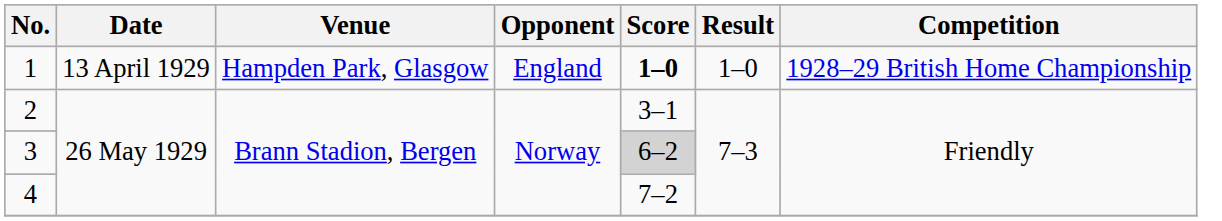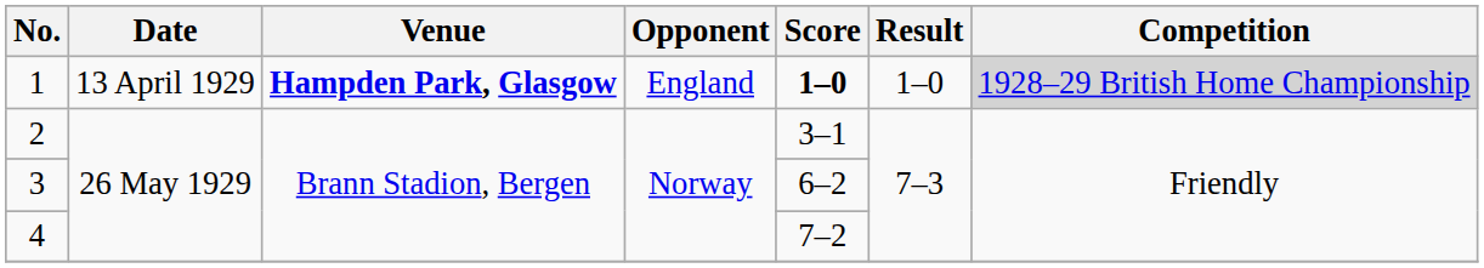 <table class="wikitable sortable" style="text-align:center">
 <tr>
 <th>No.</th>
 <th>Date</th>
 <th>Venue</th>
 <th>Opponent</th>
 <th>Score</th>
 <th>Result</th>
 <th>Competition</th>
 </tr>
 <tr>
 <td>1</td>
 <td>13 April 1929</td>
-<td><a href='#'>Hampden Park</a>, <a href='#'>Glasgow</a></td>
+<td><strong><a href='#'>Hampden Park</a>, <a href='#'>Glasgow</a></strong></td>
 <td><a href='#'>England</a></td>
 <td><strong>1–0</strong></td>
 <td>1–0</td>
-<td><a href='#'>1928–29 British Home Championship</a></td>
+<td style="background: lightgrey;"><a href='#'>1928–29 British Home Championship</a></td>
 </tr>
 <tr>
 <td>2</td>
 <td rowspan="3">26 May 1929</td>
 <td rowspan="3"><a href='#'>Brann Stadion</a>, <a href='#'>Bergen</a></td>
 <td rowspan="3"><a href='#'>Norway</a></td>
 <td>3–1</td>
 <td rowspan="3">7–3</td>
 <td rowspan="3">Friendly</td>
 </tr>
 <tr>
 <td>3</td>
-<td style="background: lightgrey;">6–2</td>
+<td>6–2</td>
 </tr>
 <tr>
 <td>4</td>
 <td>7–2</td>
 </tr>
 <tr>
 </tr>
 </table>
